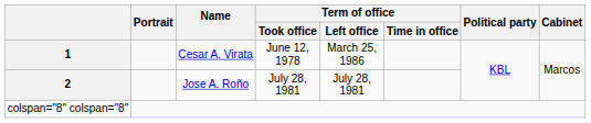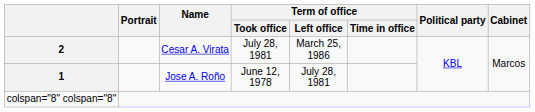 <table class="wikitable" style="text-align:center; border:1px #aaf solid;">
 <tr>
 <th rowspan="2"></th>
 <th rowspan="2">Portrait</th>
 <th rowspan="2">Name<br><br></th>
 <th colspan="3">Term of office</th>
 <th rowspan="2">Political party</th>
 <th rowspan="2">Cabinet</th>
 </tr>
 <tr>
 <th width="85">Took office</th>
 <th width="85">Left office</th>
 <th>Time in office</th>
 </tr>
 <tr>
-<th style="background:">1</th>
+<th style="background:">2</th>
 <td></td>
 <td><a href='#'>Cesar A. Virata</a><br></td>
-<td>June 12, 1978</td>
+<td>July 28, 1981</td>
 <td>March 25, 1986</td>
 <td></td>
 <td rowspan="2"><a href='#'>KBL</a></td>
 <td rowspan="2">Marcos</td>
 </tr>
 <tr>
-<th style="background:">2</th>
+<th style="background:">1</th>
 <td></td>
 <td><a href='#'>Jose A. Roño</a><br></td>
-<td>July 28, 1981</td>
+<td>June 12, 1978</td>
 <td>July 28, 1981</td>
 <td></td>
 </tr>
 <tr>
 <td>colspan="8" colspan="8" </td>
 </tr>
 </table>
